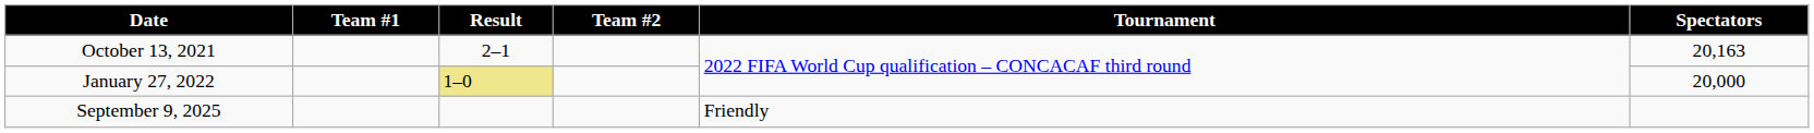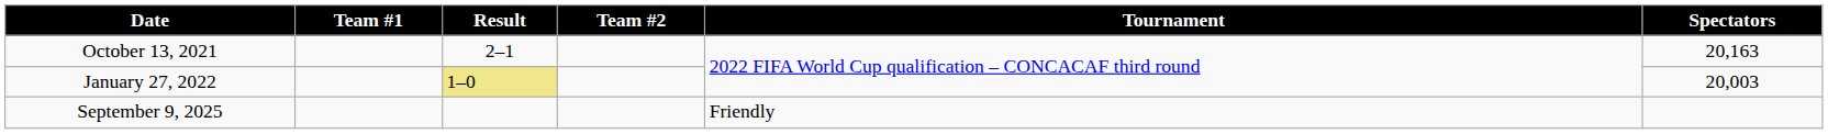 <table class="wikitable" style="text-align:left; width:95%;" style="text-align:center">
 <tr>
 <th style="text-align:center; background:#000000; color:#FFFFFF; ">Date</th>
 <th style="text-align:center; background:#000000; color:#FFFFFF; ">Team #1</th>
 <th style="text-align:center; background:#000000; color:#FFFFFF; ">Result</th>
 <th style="text-align:center; background:#000000; color:#FFFFFF; ">Team #2</th>
 <th style="text-align:center; background:#000000; color:#FFFFFF; ">Tournament</th>
 <th style="text-align:center; background:#000000; color:#FFFFFF; ">Spectators</th>
 </tr>
 <tr>
 <td style="text-align:center;">October 13, 2021</td>
 <td><strong></strong></td>
 <td style="text-align:center;">2–1</td>
 <td></td>
 <td rowspan=2><a href='#'>2022 FIFA World Cup qualification – CONCACAF third round</a></td>
 <td style="text-align:center;">20,163</td>
 </tr>
 <tr>
 <td style="text-align:center;">January 27, 2022</td>
 <td><strong></strong></td>
 <td style="background: khaki;">1–0</td>
 <td></td>
-<td style="text-align:center;">20,000</td>
+<td style="text-align:center;">20,003</td>
 </tr>
 <tr>
 <td style="text-align:center;">September 9, 2025</td>
 <td></td>
 <td style="text-align:center;"></td>
 <td></td>
 <td>Friendly</td>
 <td style="text-align:center;"></td>
 </tr>
 </table>
